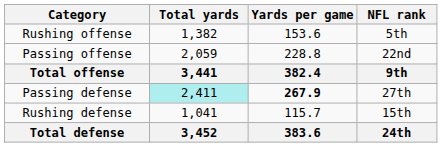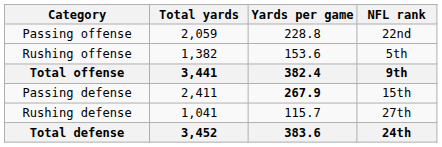 <table class="wikitable" style="text-align:center">
 <tr>
 <th width="150">Category</th>
 <th width="100">Total yards</th>
 <th width="110">Yards per game</th>
 <th width="80">NFL rank<br></th>
 </tr>
 <tr>
+<td>Passing offense</td>
+<td>2,059</td>
+<td>228.8</td>
+<td>22nd</td>
+</tr>
+<tr>
 <td>Rushing offense</td>
 <td>1,382</td>
 <td>153.6</td>
 <td>5th</td>
-</tr>
-<tr>
-<td>Passing offense</td>
-<td>2,059</td>
-<td>228.8</td>
-<td>22nd</td>
 </tr>
 <tr>
 <th>Total offense</th>
 <th>3,441</th>
 <th>382.4</th>
 <th>9th</th>
 </tr>
 <tr>
 <td>Passing defense</td>
-<td style="background: paleturquoise;">2,411</td>
+<td>2,411</td>
 <td><strong>267.9</strong></td>
-<td>27th</td>
+<td>15th</td>
 </tr>
 <tr>
 <td>Rushing defense</td>
 <td>1,041</td>
 <td>115.7</td>
-<td>15th</td>
+<td>27th</td>
 </tr>
 <tr>
 <th>Total defense</th>
 <th>3,452</th>
 <th>383.6</th>
 <th>24th</th>
 </tr>
 </table>
